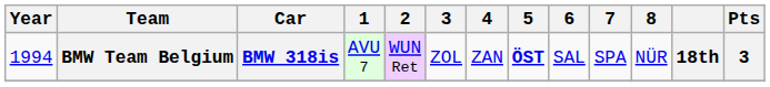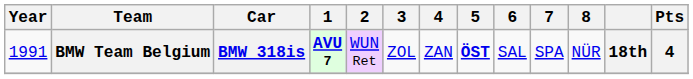 <table class="wikitable" style="text-align:center; font-size:85%">
 <tr>
 <th>Year</th>
 <th>Team</th>
 <th>Car</th>
 <th>1</th>
 <th>2</th>
 <th>3</th>
 <th>4</th>
 <th>5</th>
 <th>6</th>
 <th>7</th>
 <th>8</th>
 <th></th>
 <th>Pts</th>
 </tr>
 <tr>
-<td><a href='#'>1994</a></td>
+<td><a href='#'>1991</a></td>
 <th>BMW Team Belgium</th>
 <th><a href='#'>BMW 318is</a></th>
-<td style="background:#DFFFDF;"><a href='#'>AVU</a><br><small>7</small></td>
+<td style="background:#DFFFDF;"><strong><a href='#'>AVU</a><br><small>7</small></strong></td>
 <td style="background:#EFCFFF;"><a href='#'>WUN</a><br><small>Ret</small></td>
 <td style="background"><a href='#'>ZOL</a><br><small></small></td>
 <td style="background"><a href='#'>ZAN</a><br><small></small></td>
 <td style="background"><strong><a href='#'>ÖST</a><br><small></small></strong></td>
 <td style="background"><a href='#'>SAL</a><br><small></small></td>
 <td style="background"><a href='#'>SPA</a><br><small></small></td>
 <td style="background"><a href='#'>NÜR</a><br><small></small></td>
 <th>18th</th>
-<th>3</th>
+<th>4</th>
 </tr>
 <tr>
 </tr>
 </table>
